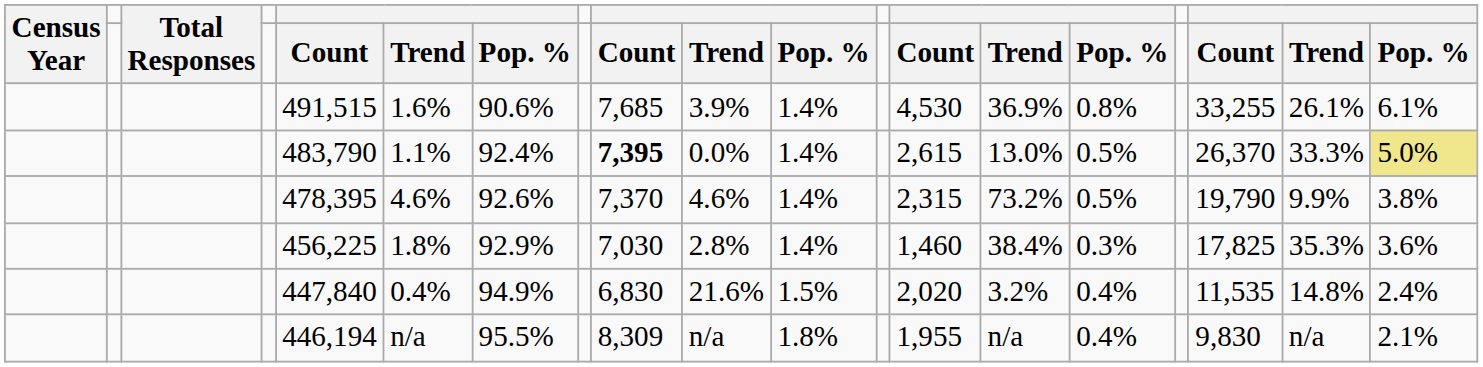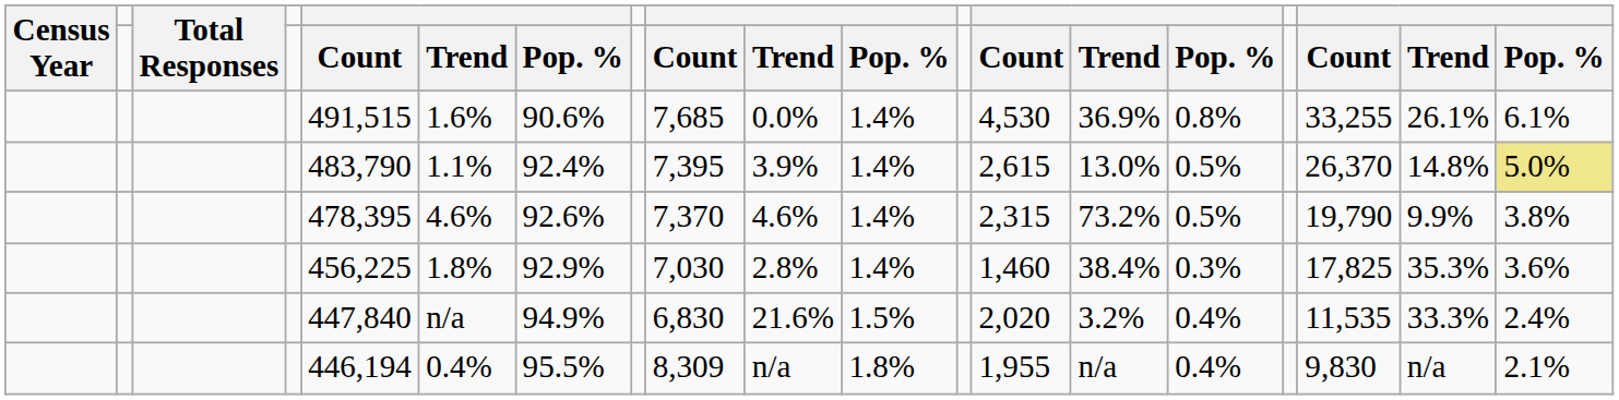 <table class="wikitable">
 <tr>
 <th rowspan="2">Census<br>Year</th>
 <td></td>
 <th rowspan="2">Total<br>Responses</th>
 <td colspan="1"></td>
 <th colspan="3"></th>
 <td colspan="1"></td>
 <th colspan="3"></th>
 <td colspan="1"></td>
 <th colspan="3"></th>
 <td colspan="1"></td>
 <th colspan="3"></th>
 </tr>
 <tr>
 <td></td>
 <td></td>
 <th>Count</th>
 <th>Trend</th>
 <th>Pop. %</th>
 <td></td>
 <th>Count</th>
 <th>Trend</th>
 <th>Pop. %</th>
 <td></td>
 <th>Count</th>
 <th>Trend</th>
 <th>Pop. %</th>
 <td></td>
 <th>Count</th>
 <th>Trend</th>
 <th>Pop. %</th>
 </tr>
 <tr>
 <td></td>
 <td></td>
 <td></td>
 <td></td>
 <td>491,515</td>
 <td> 1.6%</td>
 <td>90.6%</td>
 <td></td>
 <td>7,685</td>
-<td> 3.9%</td>
+<td> 0.0%</td>
 <td>1.4%</td>
 <td></td>
 <td>4,530</td>
 <td> 36.9%</td>
 <td>0.8%</td>
 <td></td>
 <td>33,255</td>
 <td> 26.1%</td>
 <td>6.1%</td>
 </tr>
 <tr>
 <td></td>
 <td></td>
 <td></td>
 <td></td>
 <td>483,790</td>
 <td> 1.1%</td>
 <td>92.4%</td>
 <td></td>
-<td><strong>7,395</strong></td>
-<td> 0.0%</td>
+<td>7,395</td>
+<td> 3.9%</td>
 <td>1.4%</td>
 <td></td>
 <td>2,615</td>
 <td> 13.0%</td>
 <td>0.5%</td>
 <td></td>
 <td>26,370</td>
-<td> 33.3%</td>
+<td> 14.8%</td>
 <td style="background: khaki;">5.0%</td>
 </tr>
 <tr>
 <td></td>
 <td></td>
 <td></td>
 <td></td>
 <td>478,395</td>
 <td> 4.6%</td>
 <td>92.6%</td>
 <td></td>
 <td>7,370</td>
 <td> 4.6%</td>
 <td>1.4%</td>
 <td></td>
 <td>2,315</td>
 <td> 73.2%</td>
 <td>0.5%</td>
 <td></td>
 <td>19,790</td>
 <td> 9.9%</td>
 <td>3.8%</td>
 </tr>
 <tr>
 <td></td>
 <td></td>
 <td></td>
 <td></td>
 <td>456,225</td>
 <td> 1.8%</td>
 <td>92.9%</td>
 <td></td>
 <td>7,030</td>
 <td> 2.8%</td>
 <td>1.4%</td>
 <td></td>
 <td>1,460</td>
 <td> 38.4%</td>
 <td>0.3%</td>
 <td></td>
 <td>17,825</td>
 <td> 35.3%</td>
 <td>3.6%</td>
 </tr>
 <tr>
 <td></td>
 <td></td>
 <td></td>
 <td></td>
 <td>447,840</td>
-<td> 0.4%</td>
+<td>n/a</td>
 <td>94.9%</td>
 <td></td>
 <td>6,830</td>
 <td> 21.6%</td>
 <td>1.5%</td>
 <td></td>
 <td>2,020</td>
 <td> 3.2%</td>
 <td>0.4%</td>
 <td></td>
 <td>11,535</td>
-<td> 14.8%</td>
+<td> 33.3%</td>
 <td>2.4%</td>
 </tr>
 <tr>
 <td></td>
 <td></td>
 <td></td>
 <td></td>
 <td>446,194</td>
-<td>n/a</td>
+<td> 0.4%</td>
 <td>95.5%</td>
 <td></td>
 <td>8,309</td>
 <td>n/a</td>
 <td>1.8%</td>
 <td></td>
 <td>1,955</td>
 <td>n/a</td>
 <td>0.4%</td>
 <td></td>
 <td>9,830</td>
 <td>n/a</td>
 <td>2.1%</td>
 </tr>
 </table>
